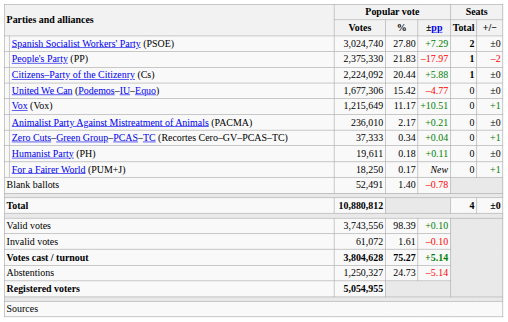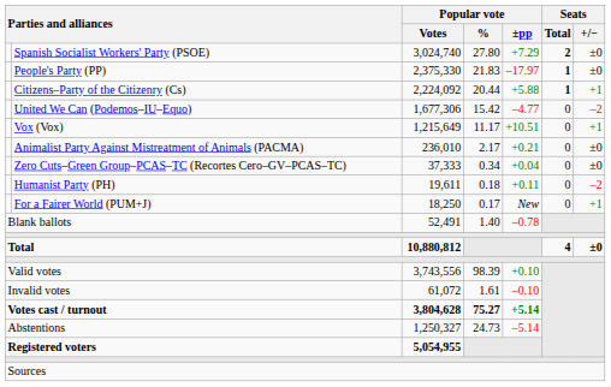 <table class="wikitable" style="text-align:right;">
 <tr>
 <th style="text-align:left;" rowspan="2" colspan="2" width="525">Parties and alliances</th>
 <th colspan="3">Popular vote</th>
 <th colspan="2">Seats</th>
 </tr>
 <tr>
 <th width="75">Votes</th>
 <th width="45">%</th>
 <th width="45">±<a href='#'>pp</a></th>
 <th width="35">Total</th>
 <th width="35">+/−</th>
 </tr>
 <tr>
 <td width="1" style="color:inherit;background:"></td>
 <td align="left"><a href='#'>Spanish Socialist Workers' Party</a> (PSOE)</td>
 <td>3,024,740</td>
 <td>27.80</td>
 <td style="color:green;">+7.29</td>
 <td><strong>2</strong></td>
 <td>±0</td>
 </tr>
 <tr>
 <td style="color:inherit;background:"></td>
 <td align="left"><a href='#'>People's Party</a> (PP)</td>
 <td>2,375,330</td>
 <td>21.83</td>
 <td style="color:red;">–17.97</td>
 <td><strong>1</strong></td>
-<td style="color:red;">–2</td>
+<td>±0</td>
 </tr>
 <tr>
 <td style="color:inherit;background:"></td>
 <td align="left"><a href='#'>Citizens–Party of the Citizenry</a> (Cs)</td>
 <td>2,224,092</td>
 <td>20.44</td>
 <td style="color:green;">+5.88</td>
 <td><strong>1</strong></td>
-<td>±0</td>
+<td style="color:green;">+1</td>
 </tr>
 <tr>
 <td style="color:inherit;background:"></td>
 <td align="left"><a href='#'>United We Can</a> (<a href='#'>Podemos</a>–<a href='#'>IU</a>–<a href='#'>Equo</a>)</td>
 <td>1,677,306</td>
 <td>15.42</td>
 <td style="color:red;">–4.77</td>
 <td>0</td>
-<td>±0</td>
+<td style="color:red;">–2</td>
 </tr>
 <tr>
 <td style="color:inherit;background:"></td>
 <td align="left"><a href='#'>Vox</a> (Vox)</td>
 <td>1,215,649</td>
 <td>11.17</td>
 <td style="color:green;">+10.51</td>
 <td>0</td>
 <td style="color:green;">+1</td>
 </tr>
 <tr>
 <td style="color:inherit;background:"></td>
 <td align="left"><a href='#'>Animalist Party Against Mistreatment of Animals</a> (PACMA)</td>
 <td>236,010</td>
 <td>2.17</td>
 <td style="color:green;">+0.21</td>
 <td>0</td>
 <td>±0</td>
 </tr>
 <tr>
 <td style="color:inherit;background:"></td>
 <td align="left"><a href='#'>Zero Cuts</a>–<a href='#'>Green Group</a>–<a href='#'>PCAS</a>–<a href='#'>TC</a> (Recortes Cero–GV–PCAS–TC)</td>
 <td>37,333</td>
 <td>0.34</td>
 <td style="color:green;">+0.04</td>
 <td>0</td>
-<td style="color:green;">+1</td>
+<td>±0</td>
 </tr>
 <tr>
 <td style="color:inherit;background:"></td>
 <td align="left"><a href='#'>Humanist Party</a> (PH)</td>
 <td>19,611</td>
 <td>0.18</td>
 <td style="color:green;">+0.11</td>
 <td>0</td>
-<td>±0</td>
+<td style="color:red;">–2</td>
 </tr>
 <tr>
 <td style="color:inherit;background:"></td>
 <td align="left"><a href='#'>For a Fairer World</a> (PUM+J)</td>
 <td>18,250</td>
 <td>0.17</td>
 <td><em>New</em></td>
 <td>0</td>
 <td style="color:green;">+1</td>
 </tr>
 <tr>
 <td align="left" colspan="2">Blank ballots</td>
 <td>52,491</td>
 <td>1.40</td>
 <td style="color:red;">–0.78</td>
 <td bgcolor="#E9E9E9" colspan="2"></td>
 </tr>
 <tr>
 <td colspan="7" bgcolor="#E9E9E9"></td>
 </tr>
 <tr style="font-weight:bold;">
 <td align="left" colspan="2">Total</td>
 <td>10,880,812</td>
 <td bgcolor="#E9E9E9" colspan="2"></td>
 <td>4</td>
 <td>±0</td>
 </tr>
 <tr>
 <td colspan="7" bgcolor="#E9E9E9"></td>
 </tr>
 <tr>
 <td align="left" colspan="2">Valid votes</td>
 <td>3,743,556</td>
 <td>98.39</td>
 <td style="color:green;">+0.10</td>
 <td bgcolor="#E9E9E9" colspan="2" rowspan="5"></td>
 </tr>
 <tr>
 <td align="left" colspan="2">Invalid votes</td>
 <td>61,072</td>
 <td>1.61</td>
 <td style="color:red;">–0.10</td>
 </tr>
 <tr style="font-weight:bold;">
 <td align="left" colspan="2">Votes cast / turnout</td>
 <td>3,804,628</td>
 <td>75.27</td>
 <td style="color:green;">+5.14</td>
 </tr>
 <tr>
 <td align="left" colspan="2">Abstentions</td>
 <td>1,250,327</td>
 <td>24.73</td>
 <td style="color:red;">–5.14</td>
 </tr>
 <tr style="font-weight:bold;">
 <td align="left" colspan="2">Registered voters</td>
 <td>5,054,955</td>
 <td bgcolor="#E9E9E9" colspan="2"></td>
 </tr>
 <tr>
 <td colspan="7" bgcolor="#E9E9E9"></td>
 </tr>
 <tr>
 <td align="left" colspan="7">Sources</td>
 </tr>
 </table>
